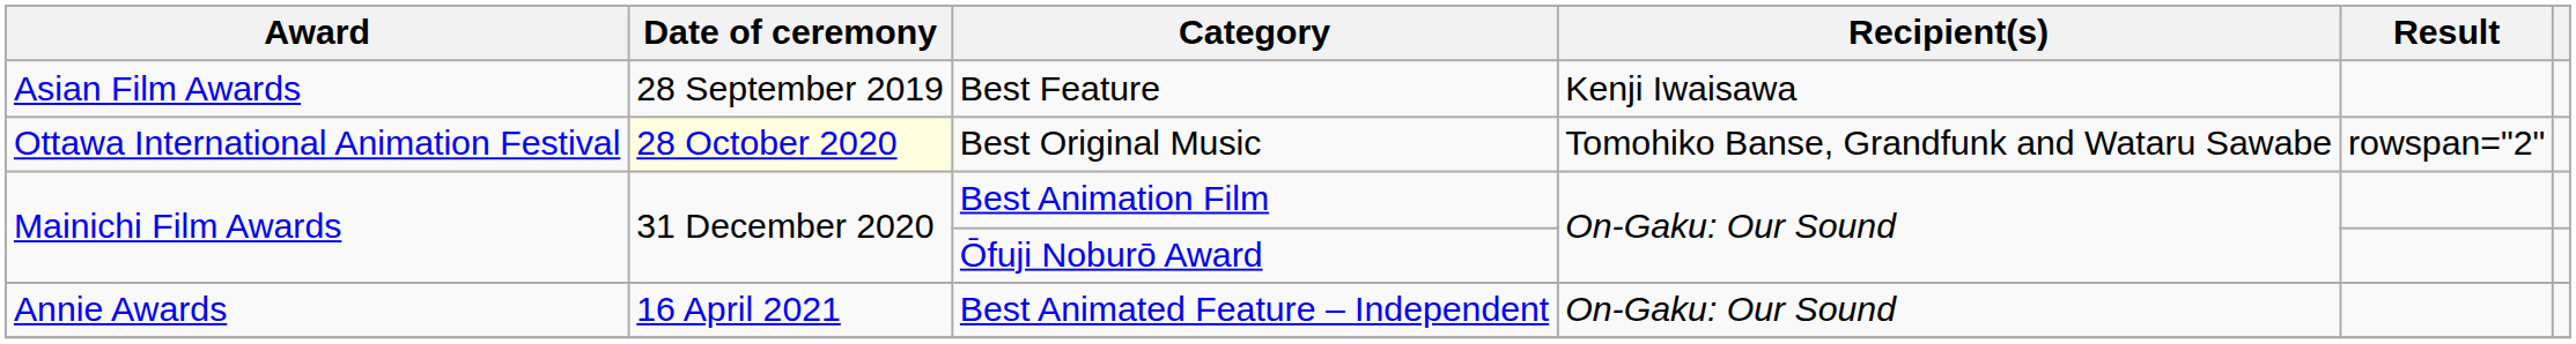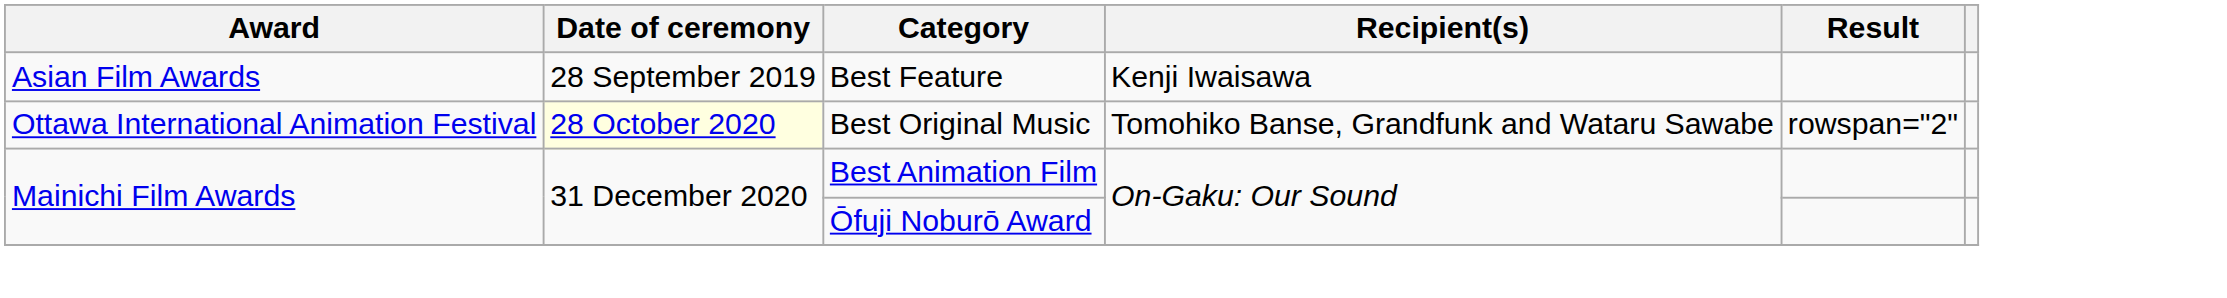 <table class="wikitable sortable">
 <tr>
 <th>Award</th>
 <th>Date of ceremony</th>
 <th>Category</th>
 <th>Recipient(s)</th>
 <th>Result</th>
 <th></th>
 </tr>
 <tr>
 <td><a href='#'>Asian Film Awards</a></td>
 <td>28 September 2019</td>
 <td>Best Feature</td>
 <td>Kenji Iwaisawa</td>
 <td></td>
 <td></td>
 </tr>
 <tr>
 <td><a href='#'>Ottawa International Animation Festival</a></td>
 <td style="background: lightyellow;"><a href='#'>28 October 2020</a></td>
 <td>Best Original Music</td>
 <td>Tomohiko Banse, Grandfunk and Wataru Sawabe</td>
 <td>rowspan="2" </td>
 <td></td>
 </tr>
 <tr>
 <td rowspan="2"><a href='#'>Mainichi Film Awards</a></td>
 <td rowspan="2">31 December 2020</td>
 <td><a href='#'>Best Animation Film</a></td>
 <td rowspan="2"><em>On-Gaku: Our Sound</em></td>
 <td></td>
 </tr>
 <tr>
 <td><a href='#'>Ōfuji Noburō Award</a></td>
 <td></td>
 <td></td>
 </tr>
 <tr>
-<td><a href='#'>Annie Awards</a></td>
-<td><a href='#'>16 April 2021</a></td>
-<td><a href='#'>Best Animated Feature – Independent</a></td>
-<td><em>On-Gaku: Our Sound</em></td>
-<td></td>
-<td></td>
-</tr>
-<tr>
 </tr>
 </table>
